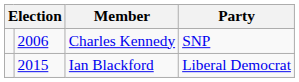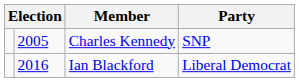 <table class="wikitable">
 <tr>
 <th colspan=2>Election</th>
 <th>Member</th>
 <th>Party</th>
 </tr>
 <tr>
 <td style="color:inherit;background-color: "></td>
-<td><a href='#'>2006</a></td>
+<td><a href='#'>2005</a></td>
 <td><a href='#'>Charles Kennedy</a></td>
 <td><a href='#'>SNP</a></td>
 </tr>
 <tr>
 <td style="color:inherit;background-color: "></td>
-<td><a href='#'>2015</a></td>
+<td><a href='#'>2016</a></td>
 <td><a href='#'>Ian Blackford</a></td>
 <td><a href='#'>Liberal Democrat</a></td>
 </tr>
 </table>
